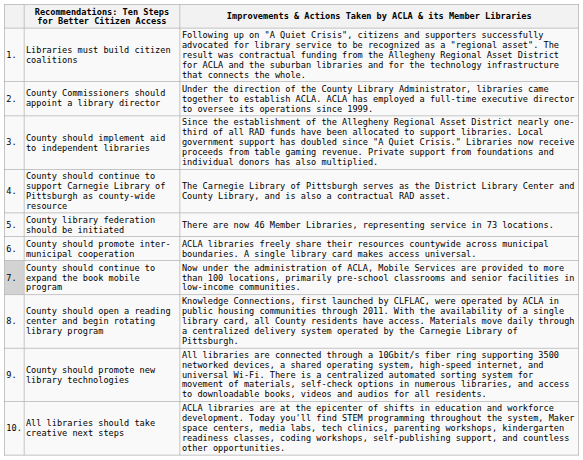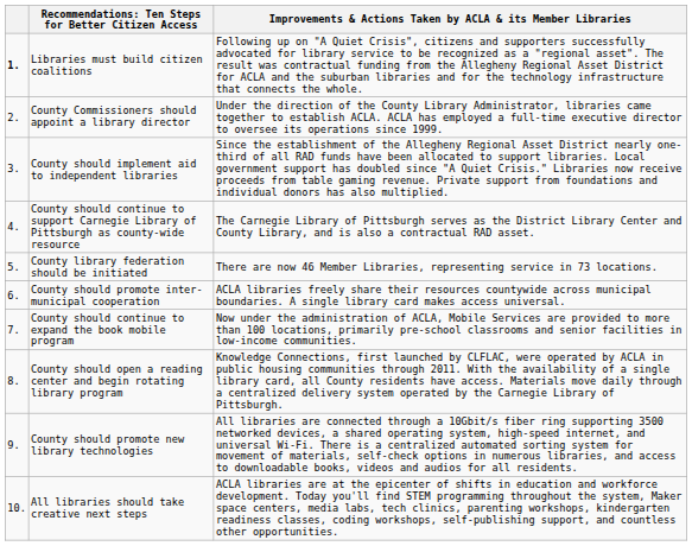 <table class="wikitable">
 <tr>
 <th></th>
 <th>Recommendations: Ten Steps for Better Citizen Access</th>
 <th>Improvements & Actions Taken by ACLA & its Member Libraries</th>
 </tr>
 <tr>
-<td>1.</td>
+<td><strong>1.</strong></td>
 <td>Libraries must build citizen coalitions</td>
 <td>Following up on "A Quiet Crisis", citizens and supporters successfully advocated for library service to be recognized as a "regional asset". The result was contractual funding from the Allegheny Regional Asset District for ACLA and the suburban libraries and for the technology infrastructure that connects the whole.</td>
 </tr>
 <tr>
 <td>2.</td>
 <td>County Commissioners should appoint a library director</td>
 <td>Under the direction of the County Library Administrator, libraries came together to establish ACLA. ACLA has employed a full-time executive director to oversee its operations since 1999.</td>
 </tr>
 <tr>
 <td>3.</td>
 <td>County should implement aid to independent libraries</td>
 <td>Since the establishment of the Allegheny Regional Asset District nearly one-third of all RAD funds have been allocated to support libraries. Local government support has doubled since "A Quiet Crisis."  Libraries now receive proceeds from table gaming revenue. Private support from foundations and individual donors has also multiplied.</td>
 </tr>
 <tr>
 <td>4.</td>
 <td>County should continue to support Carnegie Library of Pittsburgh as county-wide resource</td>
 <td>The Carnegie Library of Pittsburgh serves as the District Library Center and County Library, and is also a contractual RAD asset.</td>
 </tr>
 <tr>
 <td>5.</td>
 <td>County library federation should be initiated</td>
 <td>There are now 46 Member Libraries, representing service in 73 locations.</td>
 </tr>
 <tr>
 <td>6.</td>
 <td>County should promote inter-municipal cooperation</td>
 <td>ACLA libraries freely share their resources countywide across municipal boundaries. A single library card makes access universal.</td>
 </tr>
 <tr>
-<td style="background: lightgrey;">7.</td>
+<td>7.</td>
 <td>County should continue to expand the book mobile program</td>
 <td>Now under the administration of ACLA, Mobile Services are provided to more than 100 locations, primarily pre-school classrooms and senior facilities in low-income communities.</td>
 </tr>
 <tr>
 <td>8.</td>
 <td>County should open a reading center and begin rotating library program</td>
 <td>Knowledge Connections, first launched by CLFLAC, were operated by ACLA in public housing communities through 2011. With the availability of a single library card, all County residents have access. Materials move daily through a centralized delivery system operated by the Carnegie Library of Pittsburgh.</td>
 </tr>
 <tr>
 <td>9.</td>
 <td>County should promote new library technologies</td>
 <td>All libraries are connected through a 10Gbit/s fiber ring supporting 3500 networked devices, a shared operating system, high-speed internet, and universal Wi-Fi. There is a centralized automated sorting system for movement of materials, self-check options in numerous libraries, and access to downloadable books, videos and audios for all residents.</td>
 </tr>
 <tr>
 <td>10.</td>
 <td>All libraries should take creative next steps</td>
 <td>ACLA libraries are at the epicenter of shifts in education and workforce development. Today you'll find STEM programming throughout the system, Maker space centers, media labs, tech clinics, parenting workshops, kindergarten readiness classes, coding workshops, self-publishing support, and countless other opportunities.</td>
 </tr>
 </table>
